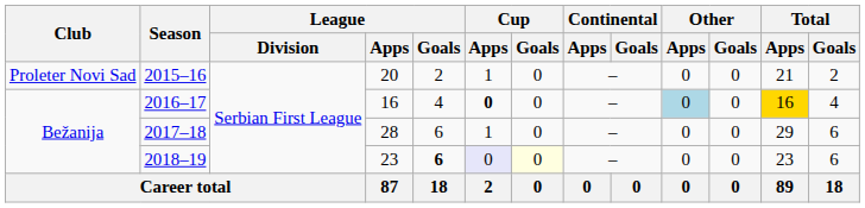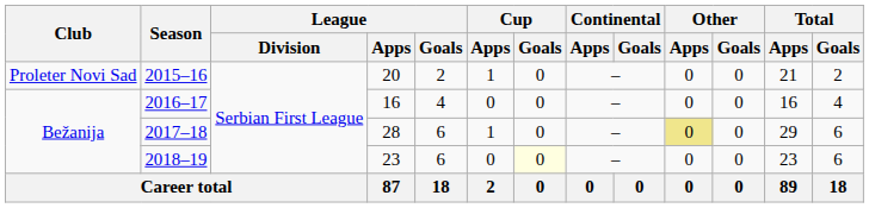 <table class="wikitable" style="text-align: center">
 <tr>
 <th rowspan="2">Club</th>
 <th rowspan="2">Season</th>
 <th colspan="3">League</th>
 <th colspan="2">Cup</th>
 <th colspan="2">Continental</th>
 <th colspan="2">Other</th>
 <th colspan="2">Total</th>
 </tr>
 <tr>
 <th>Division</th>
 <th>Apps</th>
 <th>Goals</th>
 <th>Apps</th>
 <th>Goals</th>
 <th>Apps</th>
 <th>Goals</th>
 <th>Apps</th>
 <th>Goals</th>
 <th>Apps</th>
 <th>Goals</th>
 </tr>
 <tr>
 <td><a href='#'>Proleter Novi Sad</a></td>
 <td><a href='#'>2015–16</a></td>
 <td rowspan="4"><a href='#'>Serbian First League</a></td>
 <td>20</td>
 <td>2</td>
 <td>1</td>
 <td>0</td>
 <td colspan="2">–</td>
 <td>0</td>
 <td>0</td>
 <td>21</td>
 <td>2</td>
 </tr>
 <tr>
 <td rowspan="3"><a href='#'>Bežanija</a></td>
 <td><a href='#'>2016–17</a></td>
 <td>16</td>
 <td>4</td>
-<td><strong>0</strong></td>
+<td>0</td>
 <td>0</td>
 <td colspan="2">–</td>
-<td style="background: lightblue;">0</td>
 <td>0</td>
-<td style="background: gold;">16</td>
+<td>0</td>
+<td>16</td>
 <td>4</td>
 </tr>
 <tr>
 <td><a href='#'>2017–18</a></td>
 <td>28</td>
 <td>6</td>
 <td>1</td>
 <td>0</td>
 <td colspan="2">–</td>
-<td>0</td>
+<td style="background: khaki;">0</td>
 <td>0</td>
 <td>29</td>
 <td>6</td>
 </tr>
 <tr>
 <td><a href='#'>2018–19</a></td>
 <td>23</td>
-<td><strong>6</strong></td>
-<td style="background: lavender;">0</td>
+<td>6</td>
+<td>0</td>
 <td style="background: lightyellow;">0</td>
 <td colspan="2">–</td>
 <td>0</td>
 <td>0</td>
 <td>23</td>
 <td>6</td>
 </tr>
 <tr>
 <th colspan=3>Career total</th>
 <th>87</th>
 <th>18</th>
 <th>2</th>
 <th>0</th>
 <th>0</th>
 <th>0</th>
 <th>0</th>
 <th>0</th>
 <th>89</th>
 <th>18</th>
 </tr>
 </table>
